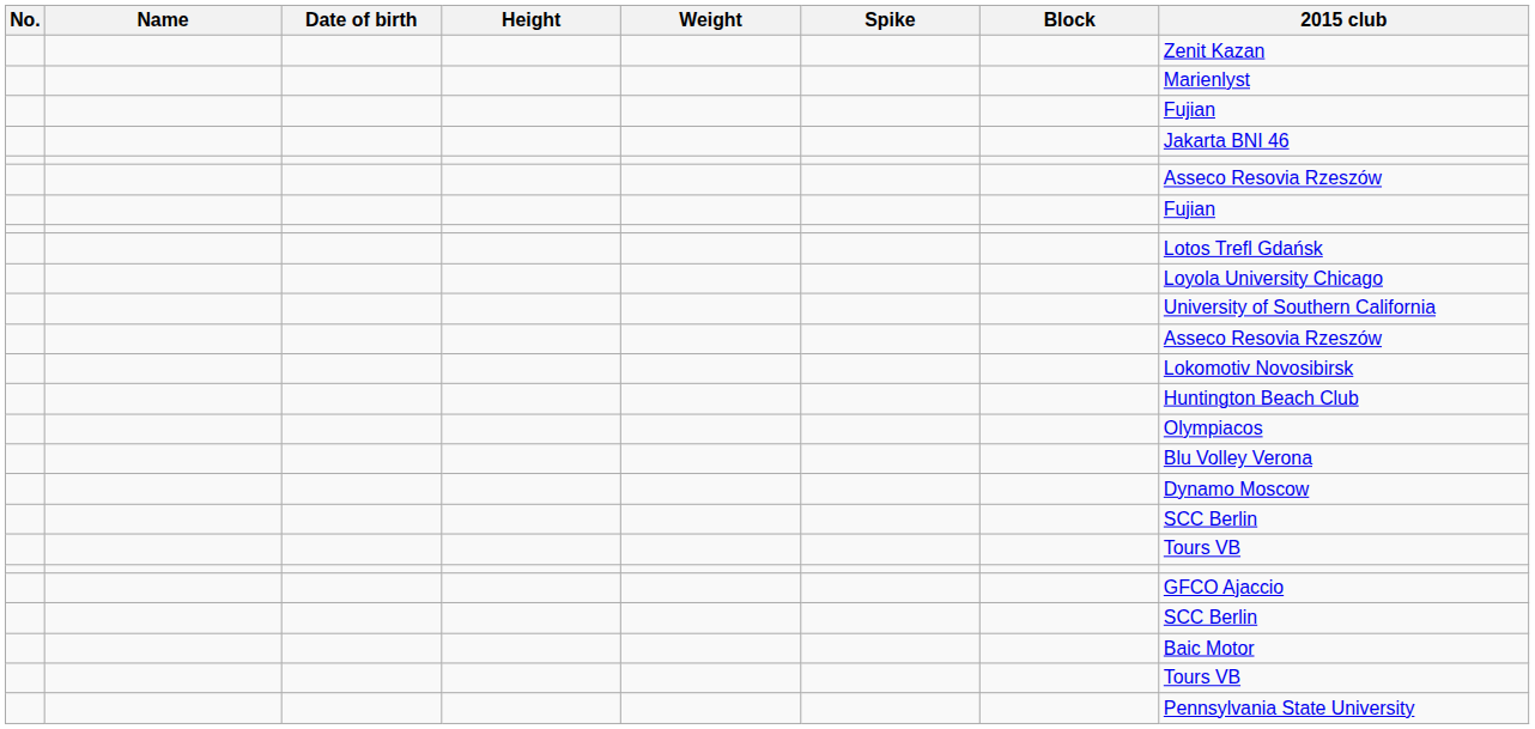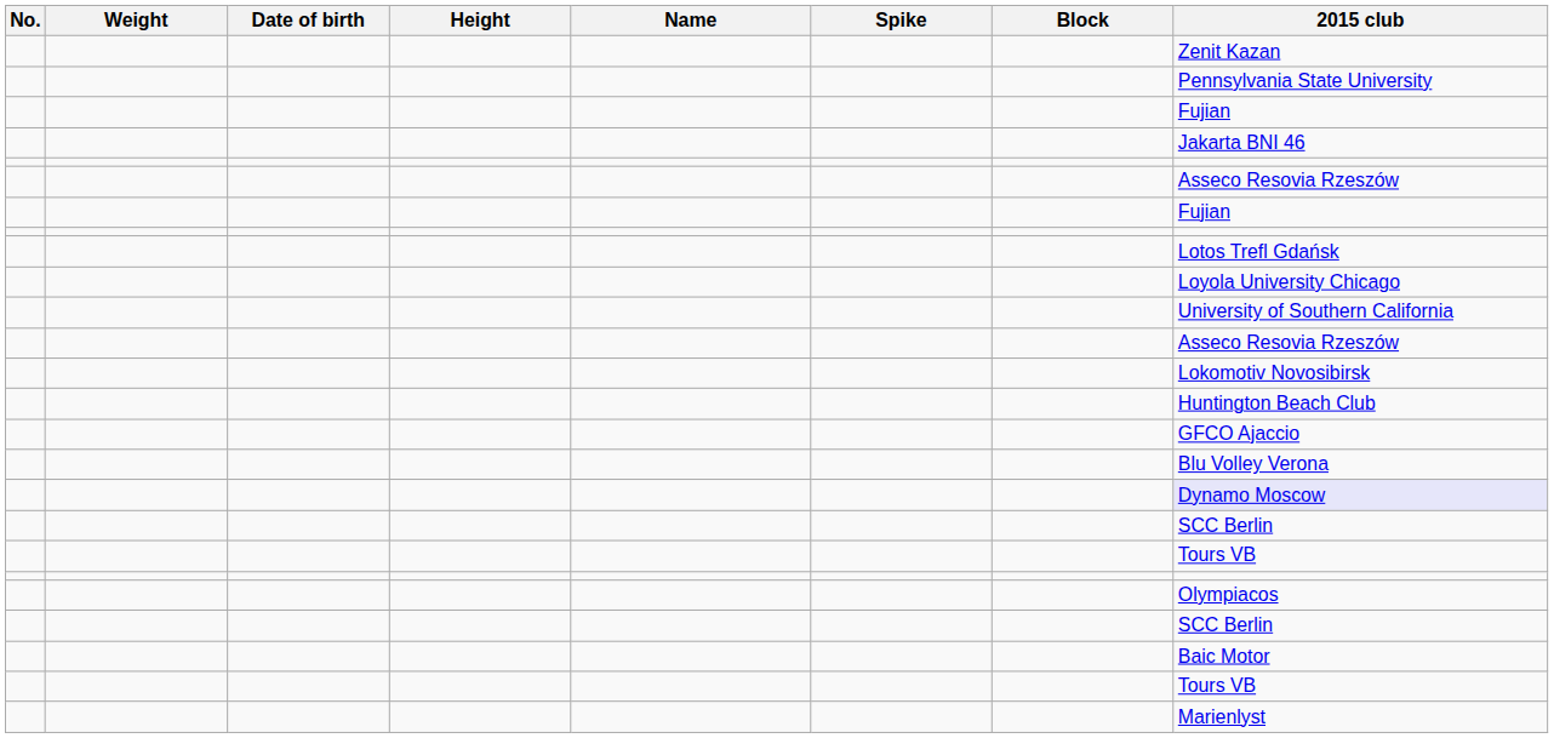 <table class="wikitable sortable" style="font-size:100%; text-align:center;">
 <tr>
 <th>No.</th>
-<th style="width:12em">Name</th>
+<th style="width:9em">Weight</th>
 <th style="width:8em">Date of birth</th>
 <th style="width:9em">Height</th>
-<th style="width:9em">Weight</th>
+<th style="width:12em">Name</th>
 <th style="width:9em">Spike</th>
 <th style="width:9em">Block</th>
 <th style="width:19em">2015 club</th>
 </tr>
 <tr>
 <td></td>
-<td align=left></td>
+<td></td>
 <td align=right></td>
 <td></td>
-<td></td>
+<td align=left></td>
 <td></td>
 <td></td>
 <td align=left> <a href='#'>Zenit Kazan</a></td>
 </tr>
 <tr>
 <td></td>
-<td align=left></td>
+<td></td>
 <td align=right></td>
 <td></td>
+<td align=left></td>
 <td></td>
 <td></td>
-<td></td>
-<td align=left> <a href='#'>Marienlyst</a></td>
+<td align=left> <a href='#'>Pennsylvania State University</a></td>
 </tr>
 <tr>
 <td></td>
-<td align=left></td>
+<td></td>
 <td align=right></td>
 <td></td>
-<td></td>
+<td align=left></td>
 <td></td>
 <td></td>
 <td align=left> <a href='#'>Fujian</a></td>
 </tr>
 <tr>
 <td></td>
-<td align=left></td>
+<td></td>
 <td align=right></td>
 <td></td>
-<td></td>
+<td align=left></td>
 <td></td>
 <td></td>
 <td align=left> <a href='#'>Jakarta BNI 46</a></td>
 </tr>
 <tr>
 <td></td>
-<td align=left></td>
+<td></td>
 <td align=right></td>
 <td></td>
-<td></td>
+<td align=left></td>
 <td></td>
 <td></td>
 <td align=left></td>
 </tr>
 <tr>
 <td></td>
-<td align=left></td>
+<td></td>
 <td align=right></td>
 <td></td>
-<td></td>
+<td align=left></td>
 <td></td>
 <td></td>
 <td align=left> <a href='#'>Asseco Resovia Rzeszów</a></td>
 </tr>
 <tr>
 <td></td>
-<td align=left></td>
+<td></td>
 <td align=right></td>
 <td></td>
-<td></td>
+<td align=left></td>
 <td></td>
 <td></td>
 <td align=left> <a href='#'>Fujian</a></td>
 </tr>
 <tr>
 <td></td>
-<td align=left></td>
+<td></td>
 <td align=right></td>
 <td></td>
-<td></td>
+<td align=left></td>
 <td></td>
 <td></td>
 <td align=left></td>
 </tr>
 <tr>
 <td></td>
-<td align=left></td>
+<td></td>
 <td align=right></td>
 <td></td>
-<td></td>
+<td align=left></td>
 <td></td>
 <td></td>
 <td align=left> <a href='#'>Lotos Trefl Gdańsk</a></td>
 </tr>
 <tr>
 <td></td>
-<td align=left></td>
+<td></td>
 <td align=right></td>
 <td></td>
-<td></td>
+<td align=left></td>
 <td></td>
 <td></td>
 <td align=left> <a href='#'>Loyola University Chicago</a></td>
 </tr>
 <tr>
 <td></td>
-<td align=left></td>
+<td></td>
 <td align=right></td>
 <td></td>
-<td></td>
+<td align=left></td>
 <td></td>
 <td></td>
 <td align=left> <a href='#'>University of Southern California</a></td>
 </tr>
 <tr>
 <td></td>
-<td align=left></td>
+<td></td>
 <td align=right></td>
 <td></td>
-<td></td>
+<td align=left></td>
 <td></td>
 <td></td>
 <td align=left> <a href='#'>Asseco Resovia Rzeszów</a></td>
 </tr>
 <tr>
 <td></td>
-<td align=left></td>
+<td></td>
 <td align=right></td>
 <td></td>
-<td></td>
+<td align=left></td>
 <td></td>
 <td></td>
 <td align=left> <a href='#'>Lokomotiv Novosibirsk</a></td>
 </tr>
 <tr>
 <td></td>
-<td align=left></td>
+<td></td>
 <td align=right></td>
 <td></td>
-<td></td>
+<td align=left></td>
 <td></td>
 <td></td>
 <td align=left> <a href='#'>Huntington Beach Club</a></td>
 </tr>
 <tr>
 <td></td>
-<td align=left></td>
+<td></td>
 <td align=right></td>
 <td></td>
+<td align=left></td>
 <td></td>
+<td></td>
+<td align=left> <a href='#'>GFCO Ajaccio</a></td>
+</tr>
+<tr>
+<td></td>
+<td></td>
+<td align=right></td>
+<td></td>
+<td align=left></td>
+<td></td>
+<td></td>
+<td align=left> <a href='#'>Blu Volley Verona</a></td>
+</tr>
+<tr>
+<td></td>
+<td></td>
+<td align=right></td>
+<td></td>
+<td align=left></td>
+<td></td>
+<td></td>
+<td align=left style="background: lavender;"> <a href='#'>Dynamo Moscow</a></td>
+</tr>
+<tr>
+<td></td>
+<td></td>
+<td align=right></td>
+<td></td>
+<td align=left></td>
+<td></td>
+<td></td>
+<td align=left> <a href='#'>SCC Berlin</a></td>
+</tr>
+<tr>
+<td></td>
+<td></td>
+<td align=right></td>
+<td></td>
+<td align=left></td>
+<td></td>
+<td></td>
+<td align=left> <a href='#'>Tours VB</a></td>
+</tr>
+<tr>
+<td></td>
+<td></td>
+<td align=right></td>
+<td></td>
+<td align=left></td>
+<td></td>
+<td></td>
+<td align=left></td>
+</tr>
+<tr>
+<td></td>
+<td></td>
+<td align=right></td>
+<td></td>
+<td align=left></td>
 <td></td>
 <td></td>
 <td align=left> <a href='#'>Olympiacos</a></td>
 </tr>
 <tr>
 <td></td>
-<td align=left></td>
+<td></td>
 <td align=right></td>
 <td></td>
-<td></td>
-<td></td>
-<td></td>
-<td align=left> <a href='#'>Blu Volley Verona</a></td>
-</tr>
-<tr>
-<td></td>
 <td align=left></td>
-<td align=right></td>
-<td></td>
-<td></td>
-<td></td>
-<td></td>
-<td align=left> <a href='#'>Dynamo Moscow</a></td>
-</tr>
-<tr>
-<td></td>
-<td align=left></td>
-<td align=right></td>
-<td></td>
-<td></td>
 <td></td>
 <td></td>
 <td align=left> <a href='#'>SCC Berlin</a></td>
 </tr>
 <tr>
 <td></td>
-<td align=left></td>
+<td></td>
 <td align=right></td>
 <td></td>
+<td align=left></td>
 <td></td>
+<td></td>
+<td align=left> <a href='#'>Baic Motor</a></td>
+</tr>
+<tr>
+<td></td>
+<td></td>
+<td align=right></td>
+<td></td>
+<td align=left></td>
 <td></td>
 <td></td>
 <td align=left> <a href='#'>Tours VB</a></td>
 </tr>
 <tr>
 <td></td>
-<td align=left></td>
+<td></td>
 <td align=right></td>
 <td></td>
+<td align=left></td>
 <td></td>
 <td></td>
-<td></td>
-<td align=left></td>
-</tr>
-<tr>
-<td></td>
-<td align=left></td>
-<td align=right></td>
-<td></td>
-<td></td>
-<td></td>
-<td></td>
-<td align=left> <a href='#'>GFCO Ajaccio</a></td>
-</tr>
-<tr>
-<td></td>
-<td align=left></td>
-<td align=right></td>
-<td></td>
-<td></td>
-<td></td>
-<td></td>
-<td align=left> <a href='#'>SCC Berlin</a></td>
-</tr>
-<tr>
-<td></td>
-<td align=left></td>
-<td align=right></td>
-<td></td>
-<td></td>
-<td></td>
-<td></td>
-<td align=left> <a href='#'>Baic Motor</a></td>
-</tr>
-<tr>
-<td></td>
-<td align=left></td>
-<td align=right></td>
-<td></td>
-<td></td>
-<td></td>
-<td></td>
-<td align=left> <a href='#'>Tours VB</a></td>
-</tr>
-<tr>
-<td></td>
-<td align=left></td>
-<td align=right></td>
-<td></td>
-<td></td>
-<td></td>
-<td></td>
-<td align=left> <a href='#'>Pennsylvania State University</a></td>
+<td align=left> <a href='#'>Marienlyst</a></td>
 </tr>
 </table>
